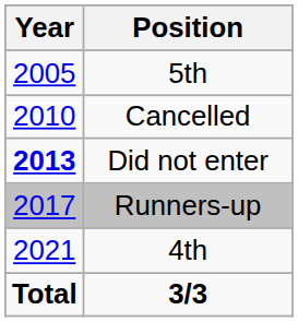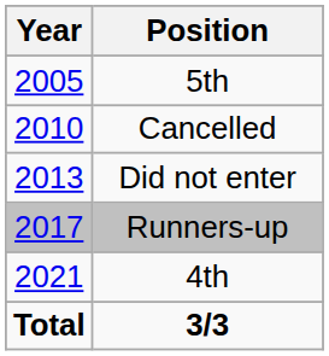 <table class="wikitable"  style="text-align: center;font-size:90%;">
 <tr>
 <th>Year</th>
 <th width="100">Position</th>
 </tr>
 <tr>
 <td> <a href='#'>2005</a></td>
 <td>5th</td>
 </tr>
 <tr>
 <td> <a href='#'>2010</a></td>
 <td>Cancelled</td>
 </tr>
 <tr>
-<td><strong> <a href='#'>2013</a></strong></td>
+<td> <a href='#'>2013</a></td>
 <td>Did not enter</td>
 </tr>
 <tr bgcolor=silver>
 <td> <a href='#'>2017</a></td>
 <td>Runners-up</td>
 </tr>
 <tr>
 <td> <a href='#'>2021</a></td>
 <td>4th</td>
 </tr>
 <tr>
 <td><strong>Total</strong></td>
 <td><strong>3/3</strong></td>
 </tr>
 </table>
